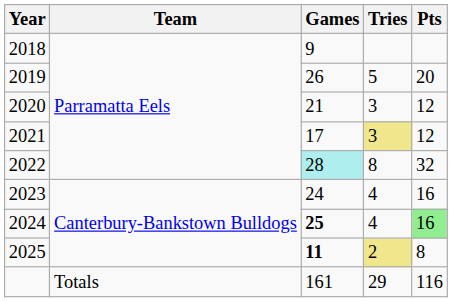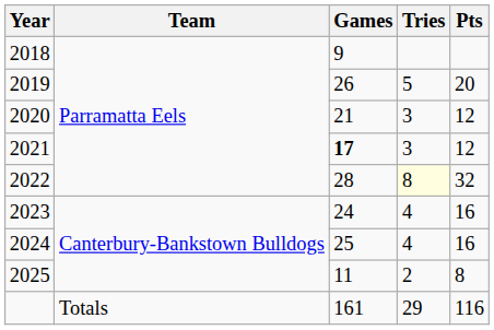 <table class="wikitable">
 <tr>
 <th>Year</th>
 <th>Team</th>
 <th>Games</th>
 <th>Tries</th>
 <th>Pts</th>
 </tr>
 <tr>
 <td>2018</td>
 <td rowspan="5"> <a href='#'>Parramatta Eels</a></td>
 <td>9</td>
 <td></td>
 <td></td>
 </tr>
 <tr>
 <td>2019</td>
 <td>26</td>
 <td>5</td>
 <td>20</td>
 </tr>
 <tr>
 <td>2020</td>
 <td>21</td>
 <td>3</td>
 <td>12</td>
 </tr>
 <tr>
 <td>2021</td>
-<td>17</td>
-<td style="background: khaki;">3</td>
+<td><strong>17</strong></td>
+<td>3</td>
 <td>12</td>
 </tr>
 <tr>
 <td>2022</td>
-<td style="background: paleturquoise;">28</td>
-<td>8</td>
+<td>28</td>
+<td style="background: lightyellow;">8</td>
 <td>32</td>
 </tr>
 <tr>
 <td>2023</td>
 <td rowspan="3"> <a href='#'>Canterbury-Bankstown Bulldogs</a></td>
 <td>24</td>
 <td>4</td>
 <td>16</td>
 </tr>
 <tr>
 <td>2024</td>
-<td><strong>25</strong></td>
+<td>25</td>
 <td>4</td>
-<td style="background: lightgreen;">16</td>
+<td>16</td>
 </tr>
 <tr>
 <td>2025</td>
-<td><strong>11</strong></td>
-<td style="background: khaki;">2</td>
+<td>11</td>
+<td>2</td>
 <td>8</td>
 </tr>
 <tr>
 <td></td>
 <td>Totals</td>
 <td>161</td>
 <td>29</td>
 <td>116</td>
 </tr>
 </table>
